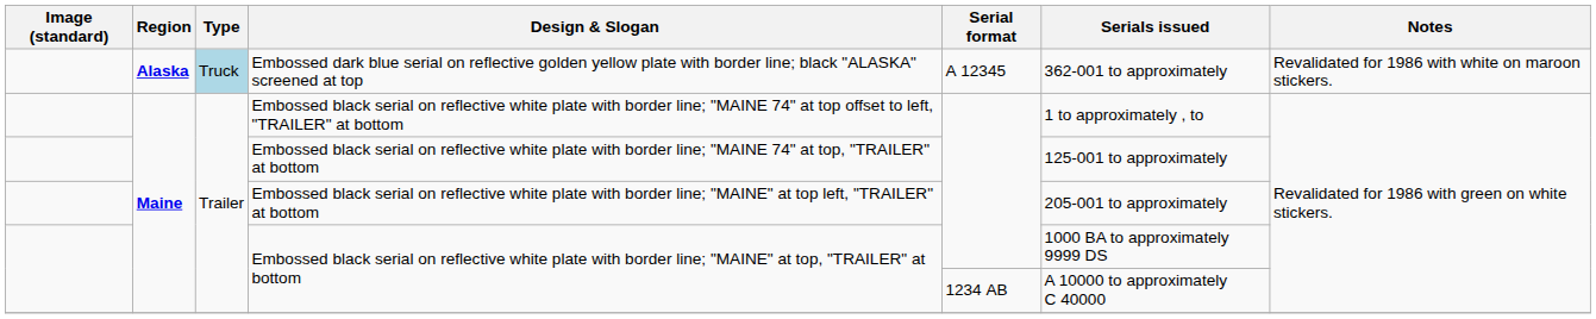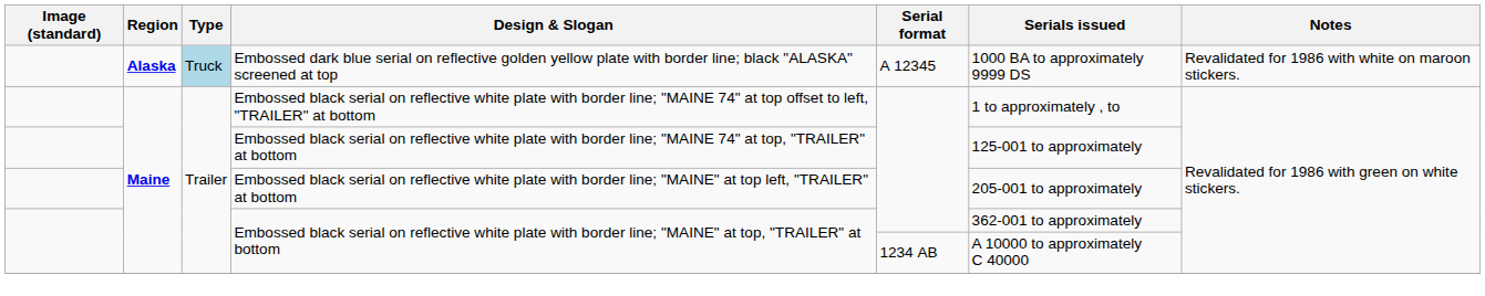 <table class="wikitable">
 <tr>
 <th>Image (standard)</th>
 <th>Region</th>
 <th>Type</th>
 <th>Design & Slogan</th>
 <th>Serial format</th>
 <th>Serials issued</th>
 <th>Notes</th>
 </tr>
 <tr>
 <td></td>
 <td><a href='#'><strong>Alaska</strong></a></td>
 <td style="background: lightblue;">Truck</td>
 <td>Embossed dark blue serial on reflective golden yellow plate with border line; black "ALASKA" screened at top</td>
 <td>A 12345</td>
-<td>362-001 to approximately </td>
+<td>1000 BA to approximately 9999 DS</td>
 <td>Revalidated for 1986 with white on maroon stickers.</td>
 </tr>
 <tr>
 <td></td>
 <td rowspan="5"><a href='#'><strong>Maine</strong></a></td>
 <td rowspan="5">Trailer</td>
 <td>Embossed black serial on reflective white plate with border line; "MAINE 74" at top offset to left, "TRAILER" at bottom</td>
 <td rowspan="4"></td>
 <td>1 to approximately ,  to </td>
 <td rowspan="5">Revalidated for 1986 with green on white stickers.</td>
 </tr>
 <tr>
 <td></td>
 <td>Embossed black serial on reflective white plate with border line; "MAINE 74" at top, "TRAILER" at bottom</td>
 <td>125-001 to approximately </td>
 </tr>
 <tr>
 <td></td>
 <td>Embossed black serial on reflective white plate with border line; "MAINE" at top left, "TRAILER" at bottom</td>
 <td>205-001 to approximately </td>
 </tr>
 <tr>
 <td rowspan="2"></td>
 <td rowspan="2">Embossed black serial on reflective white plate with border line; "MAINE" at top, "TRAILER" at bottom</td>
-<td>1000 BA to approximately 9999 DS</td>
+<td>362-001 to approximately </td>
 </tr>
 <tr>
 <td>1234 AB</td>
 <td>A 10000 to approximately C 40000</td>
 </tr>
 <tr>
 </tr>
 </table>
